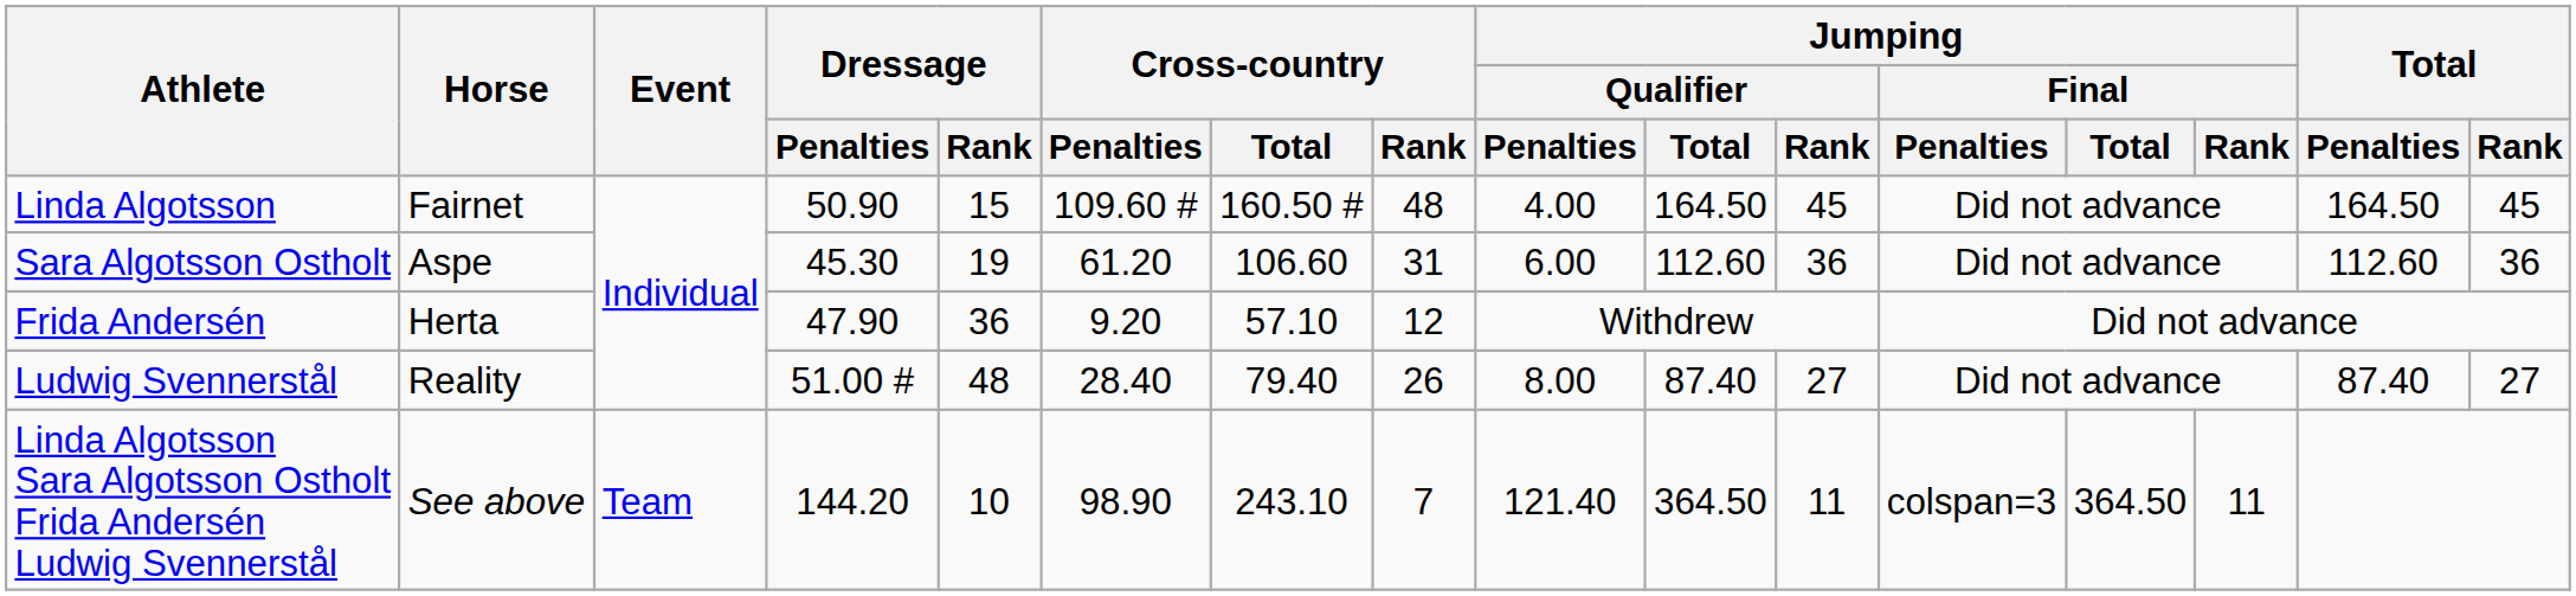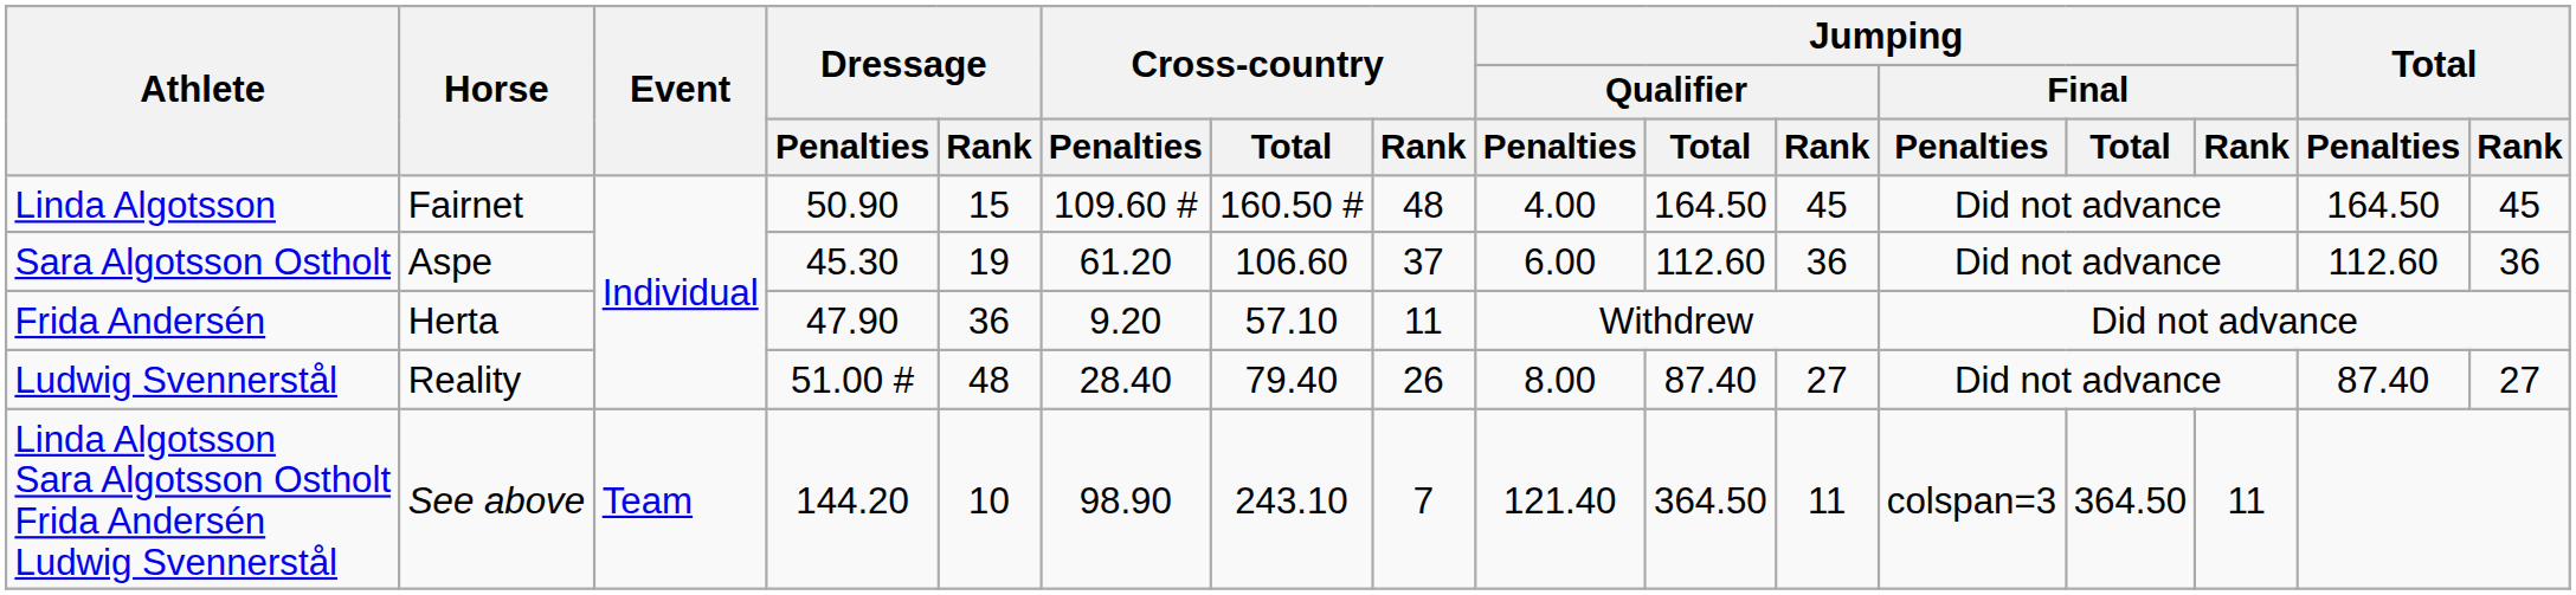 <table class=wikitable style="font-size:90%">
 <tr>
 <th rowspan="3">Athlete</th>
 <th rowspan="3">Horse</th>
 <th rowspan="3">Event</th>
 <th colspan="2" rowspan="2">Dressage</th>
 <th colspan="3" rowspan="2">Cross-country</th>
 <th colspan="6">Jumping</th>
 <th colspan="2" rowspan="2">Total</th>
 </tr>
 <tr style="font-size:95%">
 <th colspan="3">Qualifier</th>
 <th colspan="3">Final</th>
 </tr>
 <tr style="font-size:95%">
 <th>Penalties</th>
 <th>Rank</th>
 <th>Penalties</th>
 <th>Total</th>
 <th>Rank</th>
 <th>Penalties</th>
 <th>Total</th>
 <th>Rank</th>
 <th>Penalties</th>
 <th>Total</th>
 <th>Rank</th>
 <th>Penalties</th>
 <th>Rank</th>
 </tr>
 <tr align=center>
 <td align=left><a href='#'>Linda Algotsson</a></td>
 <td align=left>Fairnet</td>
 <td style="text-align:left;" rowspan="4"><a href='#'>Individual</a></td>
 <td>50.90</td>
 <td>15</td>
 <td>109.60 #</td>
 <td>160.50 #</td>
 <td>48</td>
 <td>4.00</td>
 <td>164.50</td>
 <td>45</td>
 <td colspan=3>Did not advance</td>
 <td>164.50</td>
 <td>45</td>
 </tr>
 <tr align=center>
 <td align=left><a href='#'>Sara Algotsson Ostholt</a></td>
 <td align=left>Aspe</td>
 <td>45.30</td>
 <td>19</td>
 <td>61.20</td>
 <td>106.60</td>
-<td>31</td>
+<td>37</td>
 <td>6.00</td>
 <td>112.60</td>
 <td>36</td>
 <td colspan=3>Did not advance</td>
 <td>112.60</td>
 <td>36</td>
 </tr>
 <tr align=center>
 <td align=left><a href='#'>Frida Andersén</a></td>
 <td align=left>Herta</td>
 <td>47.90</td>
 <td>36</td>
 <td>9.20</td>
 <td>57.10</td>
-<td>12</td>
+<td>11</td>
 <td colspan=3>Withdrew</td>
 <td colspan=5>Did not advance</td>
 </tr>
 <tr align=center>
 <td align=left><a href='#'>Ludwig Svennerstål</a></td>
 <td align=left>Reality</td>
 <td>51.00 #</td>
 <td>48</td>
 <td>28.40</td>
 <td>79.40</td>
 <td>26</td>
 <td>8.00</td>
 <td>87.40</td>
 <td>27</td>
 <td colspan=3>Did not advance</td>
 <td>87.40</td>
 <td>27</td>
 </tr>
 <tr align=center>
 <td align=left><a href='#'>Linda Algotsson</a><br><a href='#'>Sara Algotsson Ostholt</a><br><a href='#'>Frida Andersén</a><br><a href='#'>Ludwig Svennerstål</a></td>
 <td align=left><em>See above</em></td>
 <td align=left><a href='#'>Team</a></td>
 <td>144.20</td>
 <td>10</td>
 <td>98.90</td>
 <td>243.10</td>
 <td>7</td>
 <td>121.40</td>
 <td>364.50</td>
 <td>11</td>
 <td>colspan=3 </td>
 <td>364.50</td>
 <td>11</td>
 </tr>
 </table>
